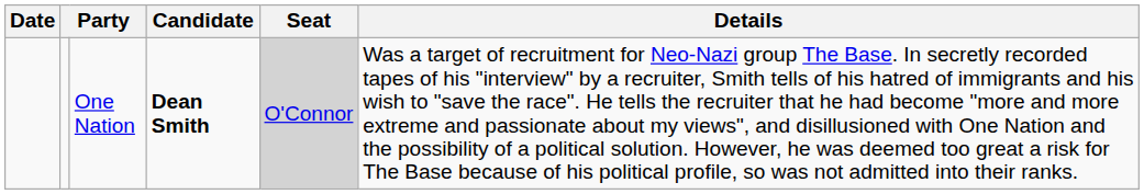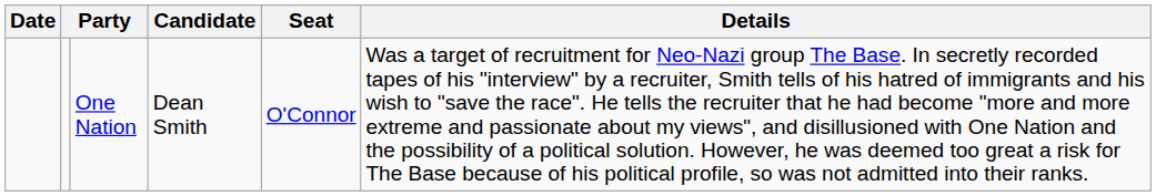 <table class=wikitable>
 <tr>
 <th>Date</th>
 <th colspan=2>Party</th>
 <th>Candidate</th>
 <th>Seat</th>
 <th>Details</th>
 </tr>
 <tr>
 <td></td>
 <td></td>
 <td><a href='#'>One Nation</a></td>
-<td><strong>Dean Smith</strong></td>
-<td style="background: lightgrey;"><a href='#'>O'Connor</a></td>
+<td>Dean Smith</td>
+<td><a href='#'>O'Connor</a></td>
 <td>Was a target of recruitment for <a href='#'>Neo-Nazi</a> group <a href='#'>The Base</a>. In secretly recorded tapes of his "interview" by a recruiter, Smith tells of his hatred of immigrants and his wish to "save the race". He tells the recruiter that he had become "more and more extreme and passionate about my views", and disillusioned with One Nation and the possibility of a political solution. However, he was deemed too great a risk for The Base because of his political profile, so was not admitted into their ranks.</td>
 </tr>
 </table>
